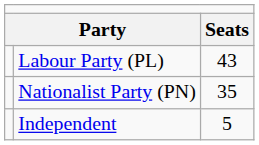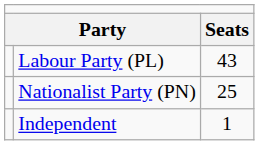 <table class="wikitable" style="text-align:right">
 <tr>
 <td colspan="7"></td>
 </tr>
 <tr>
 <th colspan="2">Party</th>
 <th>Seats</th>
 </tr>
 <tr>
 <td></td>
 <td align="left"><a href='#'>Labour Party</a> (PL)</td>
 <td align="center">43</td>
 </tr>
 <tr>
 <td></td>
 <td align="left"><a href='#'>Nationalist Party</a> (PN)</td>
-<td align="center">35</td>
+<td align="center">25</td>
 </tr>
 <tr>
 <td></td>
 <td align="left"><a href='#'>Independent</a></td>
-<td align="center">5</td>
+<td align="center">1</td>
 </tr>
 </table>
